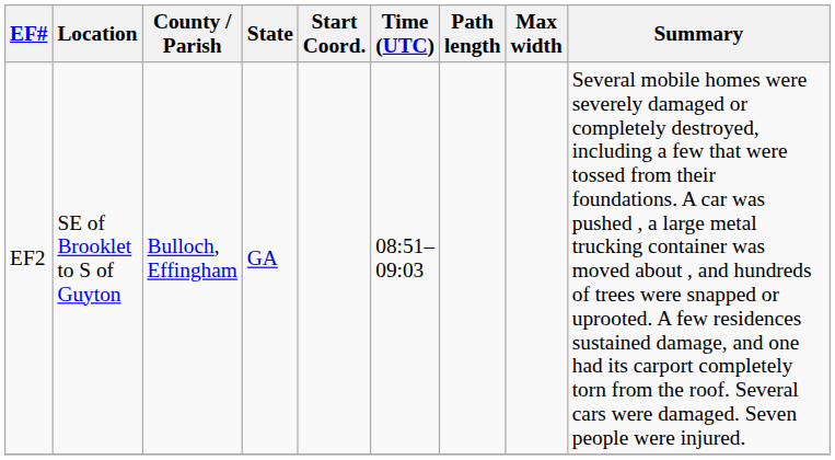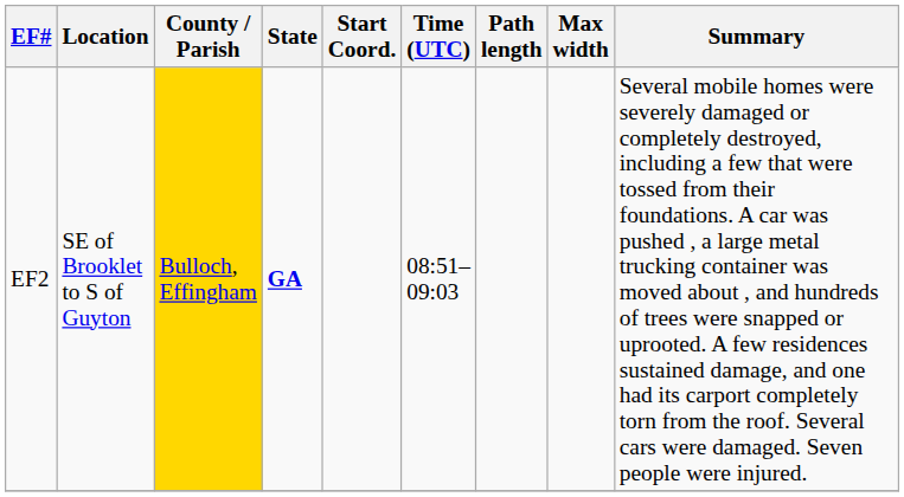 <table class="wikitable sortable" style="width:100%;">
 <tr>
 <th scope="col" style="width:3%; text-align:center;"><a href='#'>EF#</a></th>
 <th scope="col" style="width:7%; text-align:center;" class="unsortable">Location</th>
 <th scope="col" style="width:6%; text-align:center;" class="unsortable">County / Parish</th>
 <th scope="col" style="width:5%; text-align:center;">State</th>
 <th scope="col" style="width:6%; text-align:center;">Start Coord.</th>
 <th scope="col" style="width:6%; text-align:center;">Time (<a href='#'>UTC</a>)</th>
 <th scope="col" style="width:6%; text-align:center;">Path length</th>
 <th scope="col" style="width:6%; text-align:center;">Max width</th>
 <th scope="col" class="unsortable" style="width:48%; text-align:center;">Summary</th>
 </tr>
 <tr>
 <td>EF2</td>
 <td>SE of <a href='#'>Brooklet</a> to S of <a href='#'>Guyton</a></td>
-<td><a href='#'>Bulloch</a>, <a href='#'>Effingham</a></td>
-<td><a href='#'>GA</a></td>
+<td style="background: gold;"><a href='#'>Bulloch</a>, <a href='#'>Effingham</a></td>
+<td><strong><a href='#'>GA</a></strong></td>
 <td></td>
 <td>08:51–09:03</td>
 <td></td>
 <td></td>
 <td>Several mobile homes were severely damaged or completely destroyed, including a few that were tossed  from their foundations. A car was pushed , a large metal trucking container was moved about , and hundreds of trees were snapped or uprooted. A few residences sustained damage, and one had its carport completely torn from the roof. Several cars were damaged. Seven people were injured.</td>
 </tr>
 <tr>
 </tr>
 </table>
